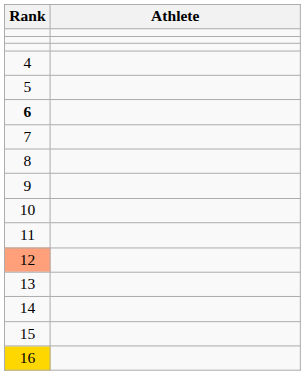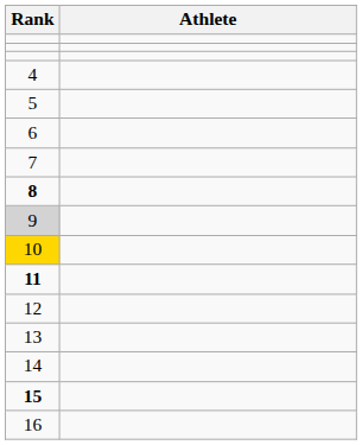 <table class="wikitable" style="text-align: center;">
 <tr>
 <th width=40>Rank</th>
 <th width=250>Athlete</th>
 </tr>
 <tr>
 <td></td>
 <td align="left"></td>
 </tr>
 <tr>
 <td></td>
 <td align="left"></td>
 </tr>
 <tr>
 <td></td>
 <td align="left"></td>
 </tr>
 <tr>
 <td>4</td>
 <td align="left"></td>
 </tr>
 <tr>
 <td>5</td>
 <td align="left"></td>
 </tr>
 <tr>
-<td><strong>6</strong></td>
+<td>6</td>
 <td align="left"></td>
 </tr>
 <tr>
 <td>7</td>
 <td align="left"></td>
 </tr>
 <tr>
-<td>8</td>
+<td><strong>8</strong></td>
 <td align="left"></td>
 </tr>
 <tr>
-<td>9</td>
+<td style="background: lightgrey;">9</td>
 <td align="left"></td>
 </tr>
 <tr>
-<td>10</td>
+<td style="background: gold;">10</td>
 <td align="left"></td>
 </tr>
 <tr>
-<td>11</td>
+<td><strong>11</strong></td>
 <td align="left"></td>
 </tr>
 <tr>
-<td style="background: lightsalmon;">12</td>
+<td>12</td>
 <td align="left"></td>
 </tr>
 <tr>
 <td>13</td>
 <td align="left"></td>
 </tr>
 <tr>
 <td>14</td>
 <td align="left"></td>
 </tr>
 <tr>
-<td>15</td>
+<td><strong>15</strong></td>
 <td align="left"></td>
 </tr>
 <tr>
-<td style="background: gold;">16</td>
+<td>16</td>
 <td align="left"></td>
 </tr>
 </table>
